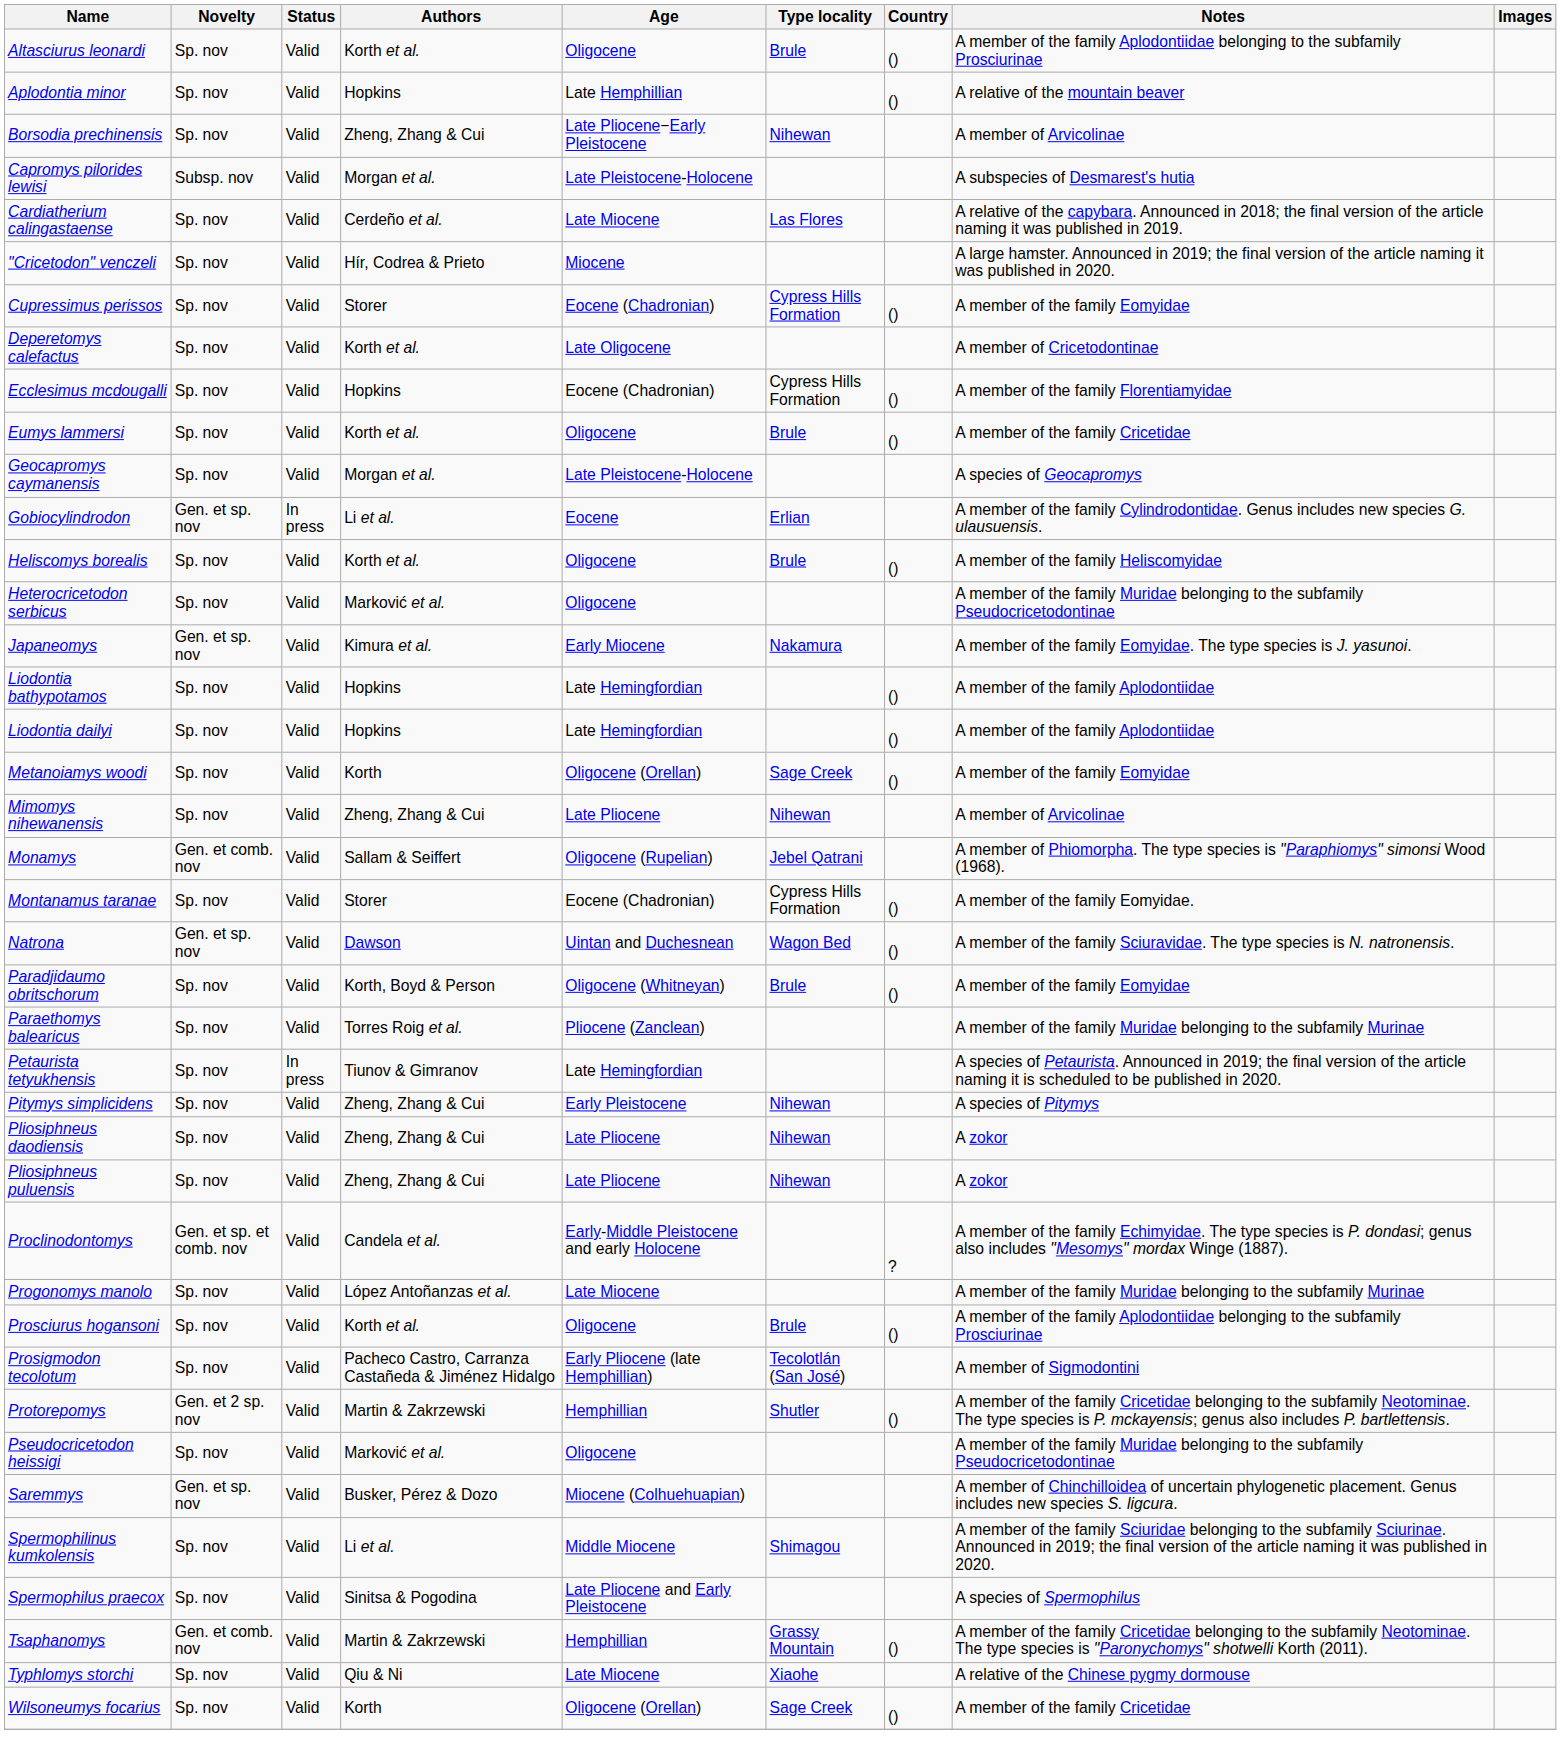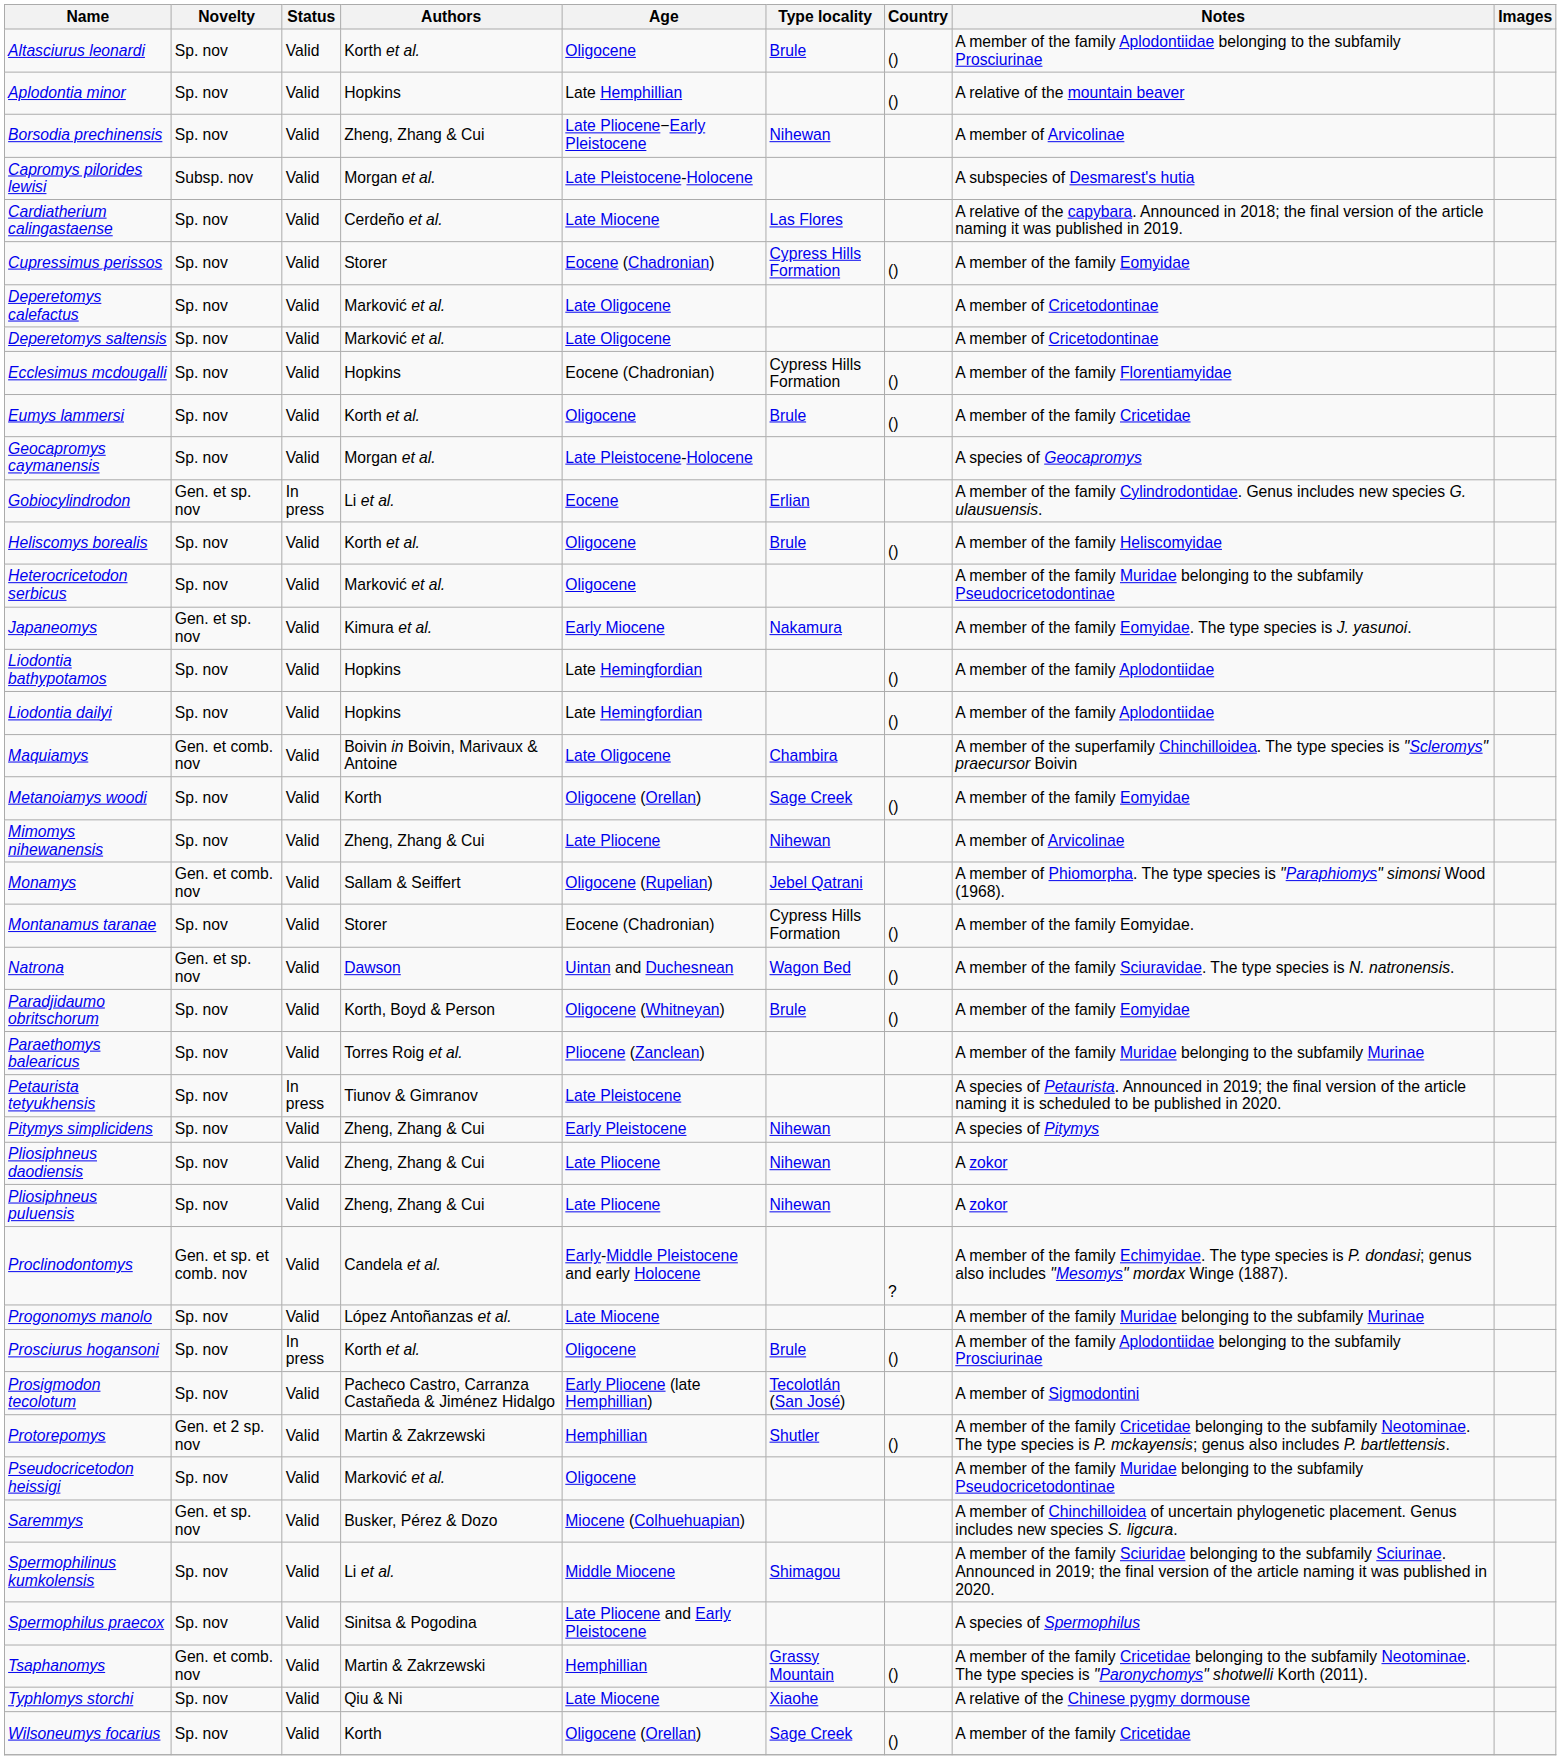 <table class="wikitable sortable" align="center" width="100%">
 <tr>
 <th>Name</th>
 <th>Novelty</th>
 <th>Status</th>
 <th>Authors</th>
 <th>Age</th>
 <th>Type locality</th>
 <th>Country</th>
 <th>Notes</th>
 <th>Images</th>
 </tr>
 <tr>
 <td><em><a href='#'>Altasciurus leonardi</a></em></td>
 <td>Sp. nov</td>
 <td>Valid</td>
 <td>Korth <em>et al.</em></td>
 <td><a href='#'>Oligocene</a></td>
 <td><a href='#'>Brule</a></td>
 <td><br>()</td>
 <td>A member of the family <a href='#'>Aplodontiidae</a> belonging to the subfamily <a href='#'>Prosciurinae</a></td>
 <td></td>
 </tr>
 <tr>
 <td><em><a href='#'>Aplodontia minor</a></em></td>
 <td>Sp. nov</td>
 <td>Valid</td>
 <td>Hopkins</td>
 <td>Late <a href='#'>Hemphillian</a></td>
 <td></td>
 <td><br>()</td>
 <td>A relative of the <a href='#'>mountain beaver</a></td>
 <td></td>
 </tr>
 <tr>
 <td><em><a href='#'>Borsodia prechinensis</a></em></td>
 <td>Sp. nov</td>
 <td>Valid</td>
 <td>Zheng, Zhang & Cui</td>
 <td><a href='#'>Late Pliocene</a>−<a href='#'>Early Pleistocene</a></td>
 <td><a href='#'>Nihewan</a></td>
 <td></td>
 <td>A member of <a href='#'>Arvicolinae</a></td>
 <td></td>
 </tr>
 <tr>
 <td><em><a href='#'>Capromys pilorides lewisi</a></em></td>
 <td>Subsp. nov</td>
 <td>Valid</td>
 <td>Morgan <em>et al.</em></td>
 <td><a href='#'>Late Pleistocene</a>-<a href='#'>Holocene</a></td>
 <td></td>
 <td></td>
 <td>A subspecies of <a href='#'>Desmarest's hutia</a></td>
 <td></td>
 </tr>
 <tr>
 <td><em><a href='#'>Cardiatherium calingastaense</a></em></td>
 <td>Sp. nov</td>
 <td>Valid</td>
 <td>Cerdeño <em>et al.</em></td>
 <td><a href='#'>Late Miocene</a></td>
 <td><a href='#'>Las Flores</a></td>
 <td></td>
 <td>A relative of the <a href='#'>capybara</a>. Announced in 2018; the final version of the article naming it was published in 2019.</td>
 <td></td>
 </tr>
 <tr>
-<td><em><a href='#'>"Cricetodon" venczeli</a></em></td>
-<td>Sp. nov</td>
-<td>Valid</td>
-<td>Hír, Codrea & Prieto</td>
-<td><a href='#'>Miocene</a></td>
-<td></td>
-<td></td>
-<td>A large hamster. Announced in 2019; the final version of the article naming it was published in 2020.</td>
-<td></td>
-</tr>
-<tr>
 <td><em><a href='#'>Cupressimus perissos</a></em></td>
 <td>Sp. nov</td>
 <td>Valid</td>
 <td>Storer</td>
 <td><a href='#'>Eocene</a> (<a href='#'>Chadronian</a>)</td>
 <td><a href='#'>Cypress Hills Formation</a></td>
 <td><br>()</td>
 <td>A member of the family <a href='#'>Eomyidae</a></td>
 <td></td>
 </tr>
 <tr>
 <td><em><a href='#'>Deperetomys calefactus</a></em></td>
 <td>Sp. nov</td>
 <td>Valid</td>
-<td>Korth <em>et al.</em></td>
+<td>Marković <em>et al.</em></td>
+<td><a href='#'>Late Oligocene</a></td>
+<td></td>
+<td></td>
+<td>A member of <a href='#'>Cricetodontinae</a></td>
+<td></td>
+</tr>
+<tr>
+<td><em><a href='#'>Deperetomys saltensis</a></em></td>
+<td>Sp. nov</td>
+<td>Valid</td>
+<td>Marković <em>et al.</em></td>
 <td><a href='#'>Late Oligocene</a></td>
 <td></td>
 <td></td>
 <td>A member of <a href='#'>Cricetodontinae</a></td>
 <td></td>
 </tr>
 <tr>
 <td><em><a href='#'>Ecclesimus mcdougalli</a></em></td>
 <td>Sp. nov</td>
 <td>Valid</td>
 <td>Hopkins</td>
 <td>Eocene (Chadronian)</td>
 <td>Cypress Hills Formation</td>
 <td><br>()</td>
 <td>A member of the family <a href='#'>Florentiamyidae</a></td>
 <td></td>
 </tr>
 <tr>
 <td><em><a href='#'>Eumys lammersi</a></em></td>
 <td>Sp. nov</td>
 <td>Valid</td>
 <td>Korth <em>et al.</em></td>
 <td><a href='#'>Oligocene</a></td>
 <td><a href='#'>Brule</a></td>
 <td><br>()</td>
 <td>A member of the family <a href='#'>Cricetidae</a></td>
 <td></td>
 </tr>
 <tr>
 <td><em><a href='#'>Geocapromys caymanensis</a></em></td>
 <td>Sp. nov</td>
 <td>Valid</td>
 <td>Morgan <em>et al.</em></td>
 <td><a href='#'>Late Pleistocene</a>-<a href='#'>Holocene</a></td>
 <td></td>
 <td></td>
 <td>A species of <em><a href='#'>Geocapromys</a></em></td>
 <td></td>
 </tr>
 <tr>
 <td><em><a href='#'>Gobiocylindrodon</a></em></td>
 <td>Gen. et sp. nov</td>
 <td>In press</td>
 <td>Li <em>et al.</em></td>
 <td><a href='#'>Eocene</a></td>
 <td><a href='#'>Erlian</a></td>
 <td></td>
 <td>A member of the family <a href='#'>Cylindrodontidae</a>. Genus includes new species <em>G. ulausuensis</em>.</td>
 <td></td>
 </tr>
 <tr>
 <td><em><a href='#'>Heliscomys borealis</a></em></td>
 <td>Sp. nov</td>
 <td>Valid</td>
 <td>Korth <em>et al.</em></td>
 <td><a href='#'>Oligocene</a></td>
 <td><a href='#'>Brule</a></td>
 <td><br>()</td>
 <td>A member of the family <a href='#'>Heliscomyidae</a></td>
 <td></td>
 </tr>
 <tr>
 <td><em><a href='#'>Heterocricetodon serbicus</a></em></td>
 <td>Sp. nov</td>
 <td>Valid</td>
 <td>Marković <em>et al.</em></td>
 <td><a href='#'>Oligocene</a></td>
 <td></td>
 <td></td>
 <td>A member of the family <a href='#'>Muridae</a> belonging to the subfamily <a href='#'>Pseudocricetodontinae</a></td>
 <td></td>
 </tr>
 <tr>
 <td><em><a href='#'>Japaneomys</a></em></td>
 <td>Gen. et sp. nov</td>
 <td>Valid</td>
 <td>Kimura <em>et al.</em></td>
 <td><a href='#'>Early Miocene</a></td>
 <td><a href='#'>Nakamura</a></td>
 <td></td>
 <td>A member of the family <a href='#'>Eomyidae</a>. The type species is <em>J. yasunoi</em>.</td>
 <td></td>
 </tr>
 <tr>
 <td><em><a href='#'>Liodontia bathypotamos</a></em></td>
 <td>Sp. nov</td>
 <td>Valid</td>
 <td>Hopkins</td>
 <td>Late <a href='#'>Hemingfordian</a></td>
 <td></td>
 <td><br>()</td>
 <td>A member of the family <a href='#'>Aplodontiidae</a></td>
 <td></td>
 </tr>
 <tr>
 <td><em><a href='#'>Liodontia dailyi</a></em></td>
 <td>Sp. nov</td>
 <td>Valid</td>
 <td>Hopkins</td>
 <td>Late <a href='#'>Hemingfordian</a></td>
 <td></td>
 <td><br>()</td>
 <td>A member of the family <a href='#'>Aplodontiidae</a></td>
 <td></td>
 </tr>
 <tr>
+<td><em><a href='#'>Maquiamys</a></em></td>
+<td>Gen. et comb. nov</td>
+<td>Valid</td>
+<td>Boivin <em>in</em> Boivin, Marivaux & Antoine</td>
+<td><a href='#'>Late Oligocene</a></td>
+<td><a href='#'>Chambira</a></td>
+<td></td>
+<td>A member of the superfamily <a href='#'>Chinchilloidea</a>. The type species is <em>"<a href='#'>Scleromys</a>" praecursor</em> Boivin</td>
+<td></td>
+</tr>
+<tr>
 <td><em><a href='#'>Metanoiamys woodi</a></em></td>
 <td>Sp. nov</td>
 <td>Valid</td>
 <td>Korth</td>
 <td><a href='#'>Oligocene</a> (<a href='#'>Orellan</a>)</td>
 <td><a href='#'>Sage Creek</a></td>
 <td><br>()</td>
 <td>A member of the family <a href='#'>Eomyidae</a></td>
 <td></td>
 </tr>
 <tr>
 <td><em><a href='#'>Mimomys nihewanensis</a></em></td>
 <td>Sp. nov</td>
 <td>Valid</td>
 <td>Zheng, Zhang & Cui</td>
 <td><a href='#'>Late Pliocene</a></td>
 <td><a href='#'>Nihewan</a></td>
 <td></td>
 <td>A member of <a href='#'>Arvicolinae</a></td>
 <td></td>
 </tr>
 <tr>
 <td><em><a href='#'>Monamys</a></em></td>
 <td>Gen. et comb. nov</td>
 <td>Valid</td>
 <td>Sallam & Seiffert</td>
 <td><a href='#'>Oligocene</a> (<a href='#'>Rupelian</a>)</td>
 <td><a href='#'>Jebel Qatrani</a></td>
 <td></td>
 <td>A member of <a href='#'>Phiomorpha</a>. The type species is <em>"<a href='#'>Paraphiomys</a>" simonsi</em> Wood (1968).</td>
 <td></td>
 </tr>
 <tr>
 <td><em><a href='#'>Montanamus taranae</a></em></td>
 <td>Sp. nov</td>
 <td>Valid</td>
 <td>Storer</td>
 <td>Eocene (Chadronian)</td>
 <td>Cypress Hills Formation</td>
 <td><br>()</td>
 <td>A member of the family Eomyidae.</td>
 <td></td>
 </tr>
 <tr>
 <td><em><a href='#'>Natrona</a></em></td>
 <td>Gen. et sp. nov</td>
 <td>Valid</td>
 <td><a href='#'>Dawson</a></td>
 <td><a href='#'>Uintan</a> and <a href='#'>Duchesnean</a></td>
 <td><a href='#'>Wagon Bed</a></td>
 <td><br>()</td>
 <td>A member of the family <a href='#'>Sciuravidae</a>. The type species is <em>N. natronensis</em>.</td>
 <td></td>
 </tr>
 <tr>
 <td><em><a href='#'>Paradjidaumo obritschorum</a></em></td>
 <td>Sp. nov</td>
 <td>Valid</td>
 <td>Korth, Boyd & Person</td>
 <td><a href='#'>Oligocene</a> (<a href='#'>Whitneyan</a>)</td>
 <td><a href='#'>Brule</a></td>
 <td><br>()</td>
 <td>A member of the family <a href='#'>Eomyidae</a></td>
 <td></td>
 </tr>
 <tr>
 <td><em><a href='#'>Paraethomys balearicus</a></em></td>
 <td>Sp. nov</td>
 <td>Valid</td>
 <td>Torres Roig <em>et al.</em></td>
 <td><a href='#'>Pliocene</a> (<a href='#'>Zanclean</a>)</td>
 <td></td>
 <td></td>
 <td>A member of the family <a href='#'>Muridae</a> belonging to the subfamily <a href='#'>Murinae</a></td>
 <td></td>
 </tr>
 <tr>
 <td><em><a href='#'>Petaurista tetyukhensis</a></em></td>
 <td>Sp. nov</td>
 <td>In press</td>
 <td>Tiunov & Gimranov</td>
-<td>Late <a href='#'>Hemingfordian</a></td>
+<td><a href='#'>Late Pleistocene</a></td>
 <td></td>
 <td></td>
 <td>A species of <em><a href='#'>Petaurista</a></em>. Announced in 2019; the final version of the article naming it is scheduled to be published in 2020.</td>
 <td></td>
 </tr>
 <tr>
 <td><em><a href='#'>Pitymys simplicidens</a></em></td>
 <td>Sp. nov</td>
 <td>Valid</td>
 <td>Zheng, Zhang & Cui</td>
 <td><a href='#'>Early Pleistocene</a></td>
 <td><a href='#'>Nihewan</a></td>
 <td></td>
 <td>A species of <em><a href='#'>Pitymys</a></em></td>
 <td></td>
 </tr>
 <tr>
 <td><em><a href='#'>Pliosiphneus daodiensis</a></em></td>
 <td>Sp. nov</td>
 <td>Valid</td>
 <td>Zheng, Zhang & Cui</td>
 <td><a href='#'>Late Pliocene</a></td>
 <td><a href='#'>Nihewan</a></td>
 <td></td>
 <td>A <a href='#'>zokor</a></td>
 <td></td>
 </tr>
 <tr>
 <td><em><a href='#'>Pliosiphneus puluensis</a></em></td>
 <td>Sp. nov</td>
 <td>Valid</td>
 <td>Zheng, Zhang & Cui</td>
 <td><a href='#'>Late Pliocene</a></td>
 <td><a href='#'>Nihewan</a></td>
 <td></td>
 <td>A <a href='#'>zokor</a></td>
 <td></td>
 </tr>
 <tr>
 <td><em><a href='#'>Proclinodontomys</a></em></td>
 <td>Gen. et sp. et comb. nov</td>
 <td>Valid</td>
 <td>Candela <em>et al.</em></td>
 <td><a href='#'>Early</a>-<a href='#'>Middle Pleistocene</a> and early <a href='#'>Holocene</a></td>
 <td></td>
 <td><br><br><br> ?</td>
 <td>A member of the family <a href='#'>Echimyidae</a>. The type species is <em>P. dondasi</em>; genus also includes <em>"<a href='#'>Mesomys</a>" mordax</em> Winge (1887).</td>
 <td></td>
 </tr>
 <tr>
 <td><em><a href='#'>Progonomys manolo</a></em></td>
 <td>Sp. nov</td>
 <td>Valid</td>
 <td>López Antoñanzas <em>et al.</em></td>
 <td><a href='#'>Late Miocene</a></td>
 <td></td>
 <td></td>
 <td>A member of the family <a href='#'>Muridae</a> belonging to the subfamily <a href='#'>Murinae</a></td>
 <td></td>
 </tr>
 <tr>
 <td><em><a href='#'>Prosciurus hogansoni</a></em></td>
 <td>Sp. nov</td>
-<td>Valid</td>
+<td>In press</td>
 <td>Korth <em>et al.</em></td>
 <td><a href='#'>Oligocene</a></td>
 <td><a href='#'>Brule</a></td>
 <td><br>()</td>
 <td>A member of the family <a href='#'>Aplodontiidae</a> belonging to the subfamily <a href='#'>Prosciurinae</a></td>
 <td></td>
 </tr>
 <tr>
 <td><em><a href='#'>Prosigmodon tecolotum</a></em></td>
 <td>Sp. nov</td>
 <td>Valid</td>
 <td>Pacheco Castro, Carranza Castañeda & Jiménez Hidalgo</td>
 <td><a href='#'>Early Pliocene</a> (late <a href='#'>Hemphillian</a>)</td>
 <td><a href='#'>Tecolotlán</a><br>(<a href='#'>San José</a>)</td>
 <td></td>
 <td>A member of <a href='#'>Sigmodontini</a></td>
 <td></td>
 </tr>
 <tr>
 <td><em><a href='#'>Protorepomys</a></em></td>
 <td>Gen. et 2 sp. nov</td>
 <td>Valid</td>
 <td>Martin & Zakrzewski</td>
 <td><a href='#'>Hemphillian</a></td>
 <td><a href='#'>Shutler</a></td>
 <td><br>()</td>
 <td>A member of the family <a href='#'>Cricetidae</a> belonging to the subfamily <a href='#'>Neotominae</a>. The type species is <em>P. mckayensis</em>; genus also includes <em>P. bartlettensis</em>.</td>
 <td></td>
 </tr>
 <tr>
 <td><em><a href='#'>Pseudocricetodon heissigi</a></em></td>
 <td>Sp. nov</td>
 <td>Valid</td>
 <td>Marković <em>et al.</em></td>
 <td><a href='#'>Oligocene</a></td>
 <td></td>
 <td></td>
 <td>A member of the family <a href='#'>Muridae</a> belonging to the subfamily <a href='#'>Pseudocricetodontinae</a></td>
 <td></td>
 </tr>
 <tr>
 <td><em><a href='#'>Saremmys</a></em></td>
 <td>Gen. et sp. nov</td>
 <td>Valid</td>
 <td>Busker, Pérez & Dozo</td>
 <td><a href='#'>Miocene</a> (<a href='#'>Colhuehuapian</a>)</td>
 <td></td>
 <td></td>
 <td>A member of <a href='#'>Chinchilloidea</a> of uncertain phylogenetic placement. Genus includes new species <em>S. ligcura</em>.</td>
 <td></td>
 </tr>
 <tr>
 <td><em><a href='#'>Spermophilinus kumkolensis</a></em></td>
 <td>Sp. nov</td>
 <td>Valid</td>
 <td>Li <em>et al.</em></td>
 <td><a href='#'>Middle Miocene</a></td>
 <td><a href='#'>Shimagou</a></td>
 <td></td>
 <td>A member of the family <a href='#'>Sciuridae</a> belonging to the subfamily <a href='#'>Sciurinae</a>. Announced in 2019; the final version of the article naming it was published in 2020.</td>
 <td></td>
 </tr>
 <tr>
 <td><em><a href='#'>Spermophilus praecox</a></em></td>
 <td>Sp. nov</td>
 <td>Valid</td>
 <td>Sinitsa & Pogodina</td>
 <td><a href='#'>Late Pliocene</a> and <a href='#'>Early Pleistocene</a></td>
 <td></td>
 <td></td>
 <td>A species of <em><a href='#'>Spermophilus</a></em></td>
 <td></td>
 </tr>
 <tr>
 <td><em><a href='#'>Tsaphanomys</a></em></td>
 <td>Gen. et comb. nov</td>
 <td>Valid</td>
 <td>Martin & Zakrzewski</td>
 <td><a href='#'>Hemphillian</a></td>
 <td><a href='#'>Grassy Mountain</a></td>
 <td><br>()</td>
 <td>A member of the family <a href='#'>Cricetidae</a> belonging to the subfamily <a href='#'>Neotominae</a>. The type species is <em>"<a href='#'>Paronychomys</a>" shotwelli</em> Korth (2011).</td>
 <td></td>
 </tr>
 <tr>
 <td><em><a href='#'>Typhlomys storchi</a></em></td>
 <td>Sp. nov</td>
 <td>Valid</td>
 <td>Qiu & Ni</td>
 <td><a href='#'>Late Miocene</a></td>
 <td><a href='#'>Xiaohe</a></td>
 <td></td>
 <td>A relative of the <a href='#'>Chinese pygmy dormouse</a></td>
 <td></td>
 </tr>
 <tr>
 <td><em><a href='#'>Wilsoneumys focarius</a></em></td>
 <td>Sp. nov</td>
 <td>Valid</td>
 <td>Korth</td>
 <td><a href='#'>Oligocene</a> (<a href='#'>Orellan</a>)</td>
 <td><a href='#'>Sage Creek</a></td>
 <td><br>()</td>
 <td>A member of the family <a href='#'>Cricetidae</a></td>
 <td></td>
 </tr>
 <tr>
 </tr>
 </table>
